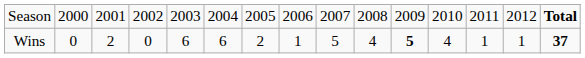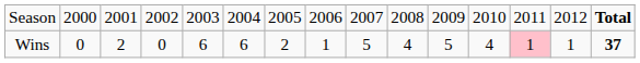 <table class="wikitable sortable">
 <tr>
 <td>Season</td>
 <td>2000</td>
 <td>2001</td>
 <td>2002</td>
 <td>2003</td>
 <td>2004</td>
 <td>2005</td>
 <td>2006</td>
 <td>2007</td>
 <td>2008</td>
 <td>2009</td>
 <td>2010</td>
 <td>2011</td>
 <td>2012</td>
 <td><strong>Total</strong></td>
 </tr>
 <tr align=center>
 <td>Wins</td>
 <td>0</td>
 <td>2</td>
 <td>0</td>
 <td>6</td>
 <td>6</td>
 <td>2</td>
 <td>1</td>
 <td>5</td>
 <td>4</td>
-<td><strong>5</strong></td>
+<td>5</td>
 <td>4</td>
-<td>1</td>
+<td style="background: pink;">1</td>
 <td>1</td>
 <td><strong>37</strong></td>
 </tr>
 </table>
